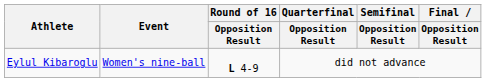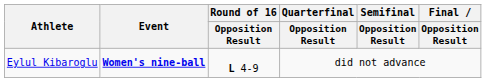 <table class=wikitable style=font-size:90%;text-align:center>
 <tr>
 <th rowspan=2>Athlete</th>
 <th rowspan=2>Event</th>
 <th>Round of 16</th>
 <th>Quarterfinal</th>
 <th>Semifinal</th>
 <th>Final / </th>
 </tr>
 <tr style=font-size:95%>
 <th>Opposition<br>Result</th>
 <th>Opposition<br>Result</th>
 <th>Opposition<br>Result</th>
 <th>Opposition<br>Result</th>
 </tr>
 <tr>
 <td align=left><a href='#'>Eylul Kibaroglu</a></td>
-<td align=left><a href='#'>Women's nine-ball</a></td>
+<td align=left><strong><a href='#'>Women's nine-ball</a></strong></td>
 <td><br><strong>L</strong> 4-9</td>
 <td colspan=4>did not advance</td>
 </tr>
 </table>
